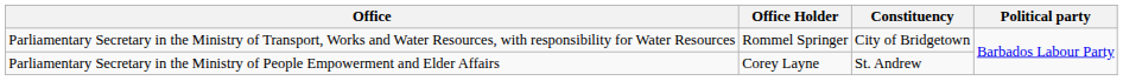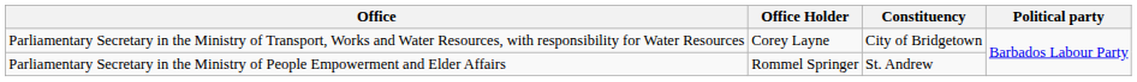 <table class="wikitable">
 <tr>
 <th>Office</th>
 <th>Office Holder</th>
 <th>Constituency</th>
 <th>Political party</th>
 </tr>
 <tr>
 <td>Parliamentary Secretary in the Ministry of Transport, Works and Water Resources, with responsibility for Water Resources</td>
-<td>Rommel Springer</td>
+<td>Corey Layne</td>
 <td>City of Bridgetown</td>
 <td rowspan="2" style="background:"><a href='#'>Barbados Labour Party</a></td>
 </tr>
 <tr>
 <td>Parliamentary Secretary in the Ministry of People Empowerment and Elder Affairs</td>
-<td>Corey Layne</td>
+<td>Rommel Springer</td>
 <td>St. Andrew</td>
 </tr>
 </table>
